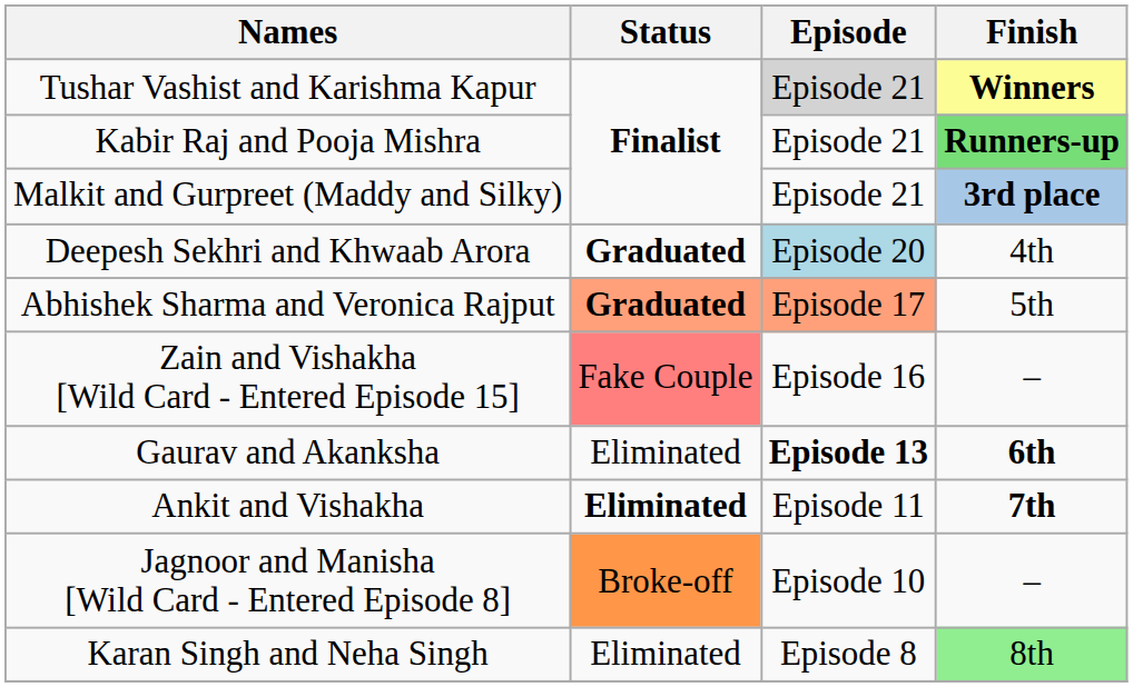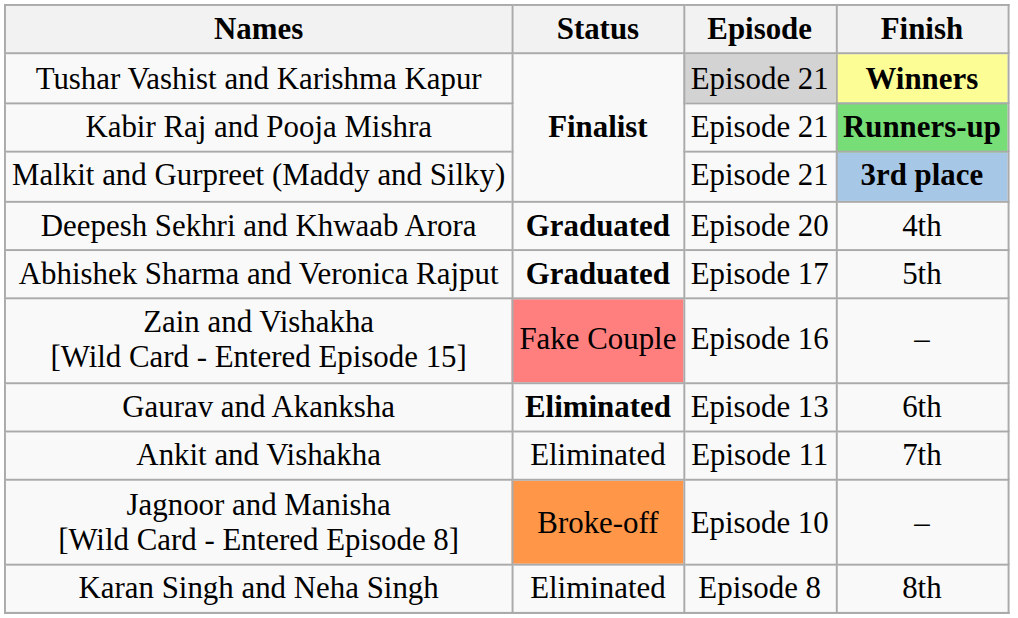 <table class="wikitable sortable" style="text-align:center">
 <tr>
 <th>Names</th>
 <th>Status</th>
 <th>Episode</th>
 <th>Finish</th>
 </tr>
 <tr>
 <td>Tushar Vashist and Karishma Kapur</td>
 <td Rowspan="3"><strong>Finalist</strong></td>
 <td style="background: lightgrey;">Episode 21</td>
 <td bgcolor="#FDFD96"><strong>Winners</strong></td>
 </tr>
 <tr>
 <td>Kabir Raj and Pooja Mishra</td>
 <td>Episode 21</td>
 <td bgcolor="#77DD77"><strong>Runners-up</strong></td>
 </tr>
 <tr>
 <td>Malkit and Gurpreet (Maddy and Silky)</td>
 <td>Episode 21</td>
 <td bgcolor="#A7C7E7"><strong>3rd place</strong></td>
 </tr>
 <tr>
 <td>Deepesh Sekhri and Khwaab Arora</td>
 <td><strong>Graduated</strong></td>
-<td style="background: lightblue;">Episode 20</td>
+<td>Episode 20</td>
 <td>4th</td>
 </tr>
 <tr>
 <td>Abhishek Sharma and Veronica Rajput</td>
-<td style="background: lightsalmon;"><strong>Graduated</strong></td>
-<td style="background: lightsalmon;">Episode 17</td>
+<td><strong>Graduated</strong></td>
+<td>Episode 17</td>
 <td>5th</td>
 </tr>
 <tr>
 <td>Zain and Vishakha<br>[Wild Card - Entered Episode 15]</td>
 <td bgcolor="#FF7F7F">Fake Couple</td>
 <td>Episode 16</td>
 <td>–</td>
 </tr>
 <tr>
 <td>Gaurav and Akanksha</td>
-<td>Eliminated</td>
-<td><strong>Episode 13</strong></td>
-<td><strong>6th</strong></td>
+<td><strong>Eliminated</strong></td>
+<td>Episode 13</td>
+<td>6th</td>
 </tr>
 <tr>
 <td>Ankit and Vishakha</td>
-<td><strong>Eliminated</strong></td>
+<td>Eliminated</td>
 <td>Episode 11</td>
-<td><strong>7th</strong></td>
+<td>7th</td>
 </tr>
 <tr>
 <td>Jagnoor and Manisha<br>[Wild Card - Entered Episode 8]</td>
 <td bgcolor="#FF9648">Broke-off</td>
 <td>Episode 10</td>
 <td>–</td>
 </tr>
 <tr>
 <td>Karan Singh and Neha Singh</td>
 <td>Eliminated</td>
 <td>Episode 8</td>
-<td style="background: lightgreen;">8th</td>
+<td>8th</td>
 </tr>
 <tr>
 </tr>
 </table>
